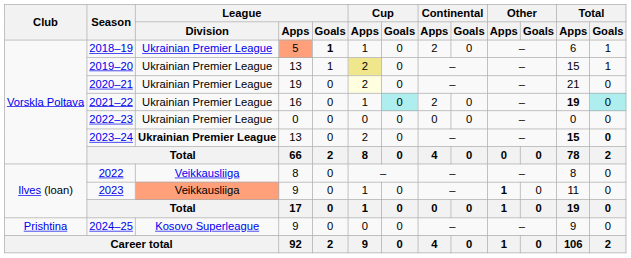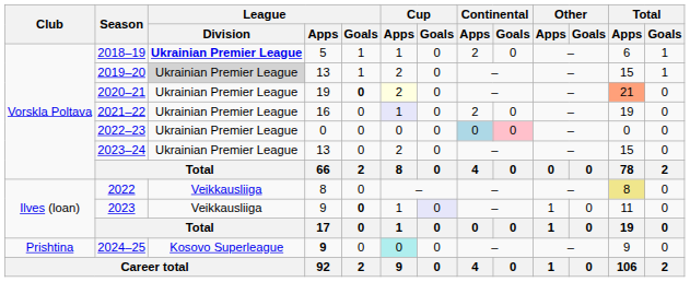 <table class="wikitable" style="text-align: center">
 <tr>
 <th rowspan="2">Club</th>
 <th rowspan="2">Season</th>
 <th colspan="3">League</th>
 <th colspan="2">Cup</th>
 <th colspan="2">Continental</th>
 <th colspan="2">Other</th>
 <th colspan="2">Total</th>
 </tr>
 <tr>
 <th>Division</th>
 <th>Apps</th>
 <th>Goals</th>
 <th>Apps</th>
 <th>Goals</th>
 <th>Apps</th>
 <th>Goals</th>
 <th>Apps</th>
 <th>Goals</th>
 <th>Apps</th>
 <th>Goals</th>
 </tr>
 <tr>
 <td rowspan="7"><a href='#'>Vorskla Poltava</a></td>
 <td><a href='#'>2018–19</a></td>
-<td><a href='#'>Ukrainian Premier League</a></td>
-<td style="background: lightsalmon;">5</td>
-<td><strong>1</strong></td>
+<td><strong><a href='#'>Ukrainian Premier League</a></strong></td>
+<td>5</td>
+<td>1</td>
 <td>1</td>
 <td>0</td>
 <td>2</td>
 <td>0</td>
 <td colspan="2">–</td>
 <td>6</td>
 <td>1</td>
 </tr>
 <tr>
 <td><a href='#'>2019–20</a></td>
-<td>Ukrainian Premier League</td>
+<td style="background: lightgrey;">Ukrainian Premier League</td>
 <td>13</td>
 <td>1</td>
-<td style="background: khaki;">2</td>
+<td>2</td>
 <td>0</td>
 <td colspan="2">–</td>
 <td colspan="2">–</td>
 <td>15</td>
 <td>1</td>
 </tr>
 <tr>
 <td><a href='#'>2020–21</a></td>
 <td>Ukrainian Premier League</td>
 <td>19</td>
-<td>0</td>
+<td><strong>0</strong></td>
 <td style="background: lightyellow;">2</td>
 <td>0</td>
 <td colspan="2">–</td>
 <td colspan="2">–</td>
-<td>21</td>
+<td style="background: lightsalmon;">21</td>
 <td>0</td>
 </tr>
 <tr>
 <td><a href='#'>2021–22</a></td>
 <td>Ukrainian Premier League</td>
 <td>16</td>
 <td>0</td>
-<td>1</td>
-<td style="background: paleturquoise;">0</td>
+<td style="background: lavender;">1</td>
+<td>0</td>
 <td>2</td>
 <td>0</td>
 <td colspan="2">–</td>
-<td><strong>19</strong></td>
-<td style="background: paleturquoise;">0</td>
+<td>19</td>
+<td>0</td>
 </tr>
 <tr>
 <td><a href='#'>2022–23</a></td>
 <td>Ukrainian Premier League</td>
 <td>0</td>
 <td>0</td>
 <td>0</td>
 <td>0</td>
-<td>0</td>
-<td>0</td>
+<td style="background: lightblue;">0</td>
+<td style="background: pink;">0</td>
 <td colspan="2">–</td>
 <td>0</td>
 <td>0</td>
 </tr>
 <tr>
 <td><a href='#'>2023–24</a></td>
-<td><strong>Ukrainian Premier League</strong></td>
+<td>Ukrainian Premier League</td>
 <td>13</td>
 <td>0</td>
 <td>2</td>
 <td>0</td>
 <td colspan="2">–</td>
 <td colspan="2">–</td>
-<td><strong>15</strong></td>
-<td><strong>0</strong></td>
+<td>15</td>
+<td>0</td>
 </tr>
 <tr>
 <th colspan="2"><strong>Total</strong></th>
 <th>66</th>
 <th>2</th>
 <th>8</th>
 <th>0</th>
 <th>4</th>
 <th>0</th>
 <th>0</th>
 <th>0</th>
 <th>78</th>
 <th>2</th>
 </tr>
 <tr>
 <td rowspan="3"><a href='#'>Ilves</a> (loan)</td>
 <td><a href='#'>2022</a></td>
 <td><a href='#'>Veikkausliiga</a></td>
 <td>8</td>
 <td>0</td>
 <td colspan="2">–</td>
 <td colspan="2">–</td>
 <td colspan="2">–</td>
-<td>8</td>
+<td style="background: khaki;">8</td>
 <td>0</td>
 </tr>
 <tr>
 <td><a href='#'>2023</a></td>
-<td style="background: lightsalmon;">Veikkausliiga</td>
+<td>Veikkausliiga</td>
 <td>9</td>
-<td>0</td>
+<td><strong>0</strong></td>
 <td>1</td>
-<td>0</td>
+<td style="background: lavender;">0</td>
 <td colspan="2">–</td>
-<td><strong>1</strong></td>
+<td>1</td>
 <td>0</td>
 <td>11</td>
 <td>0</td>
 </tr>
 <tr>
 <th colspan="2"><strong>Total</strong></th>
 <th>17</th>
 <th>0</th>
 <th>1</th>
 <th>0</th>
 <th>0</th>
 <th>0</th>
 <th>1</th>
 <th>0</th>
 <th>19</th>
 <th>0</th>
 </tr>
 <tr>
 <td><a href='#'>Prishtina</a></td>
 <td><a href='#'>2024–25</a></td>
 <td><a href='#'>Kosovo Superleague</a></td>
-<td>9</td>
+<td><strong>9</strong></td>
 <td>0</td>
-<td>0</td>
+<td style="background: paleturquoise;">0</td>
 <td>0</td>
 <td colspan=2>–</td>
 <td colspan=2>–</td>
 <td>9</td>
 <td>0</td>
 </tr>
 <tr>
 <th colspan="3"><strong>Career total</strong></th>
 <th>92</th>
 <th>2</th>
 <th>9</th>
 <th>0</th>
 <th>4</th>
 <th>0</th>
 <th>1</th>
 <th>0</th>
 <th>106</th>
 <th>2</th>
 </tr>
 </table>
